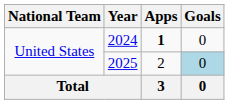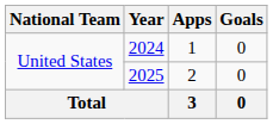 <table class="wikitable" style="text-align:center">
 <tr>
 <th>National Team</th>
 <th>Year</th>
 <th>Apps</th>
 <th>Goals</th>
 </tr>
 <tr>
 <td rowspan=2><a href='#'>United States</a></td>
 <td><a href='#'>2024</a></td>
-<td><strong>1</strong></td>
+<td>1</td>
 <td>0</td>
 </tr>
 <tr>
 <td><a href='#'>2025</a></td>
 <td>2</td>
-<td style="background: lightblue;">0</td>
+<td>0</td>
 </tr>
 <tr>
 <th colspan=2>Total</th>
 <th>3</th>
 <th>0</th>
 </tr>
 </table>
